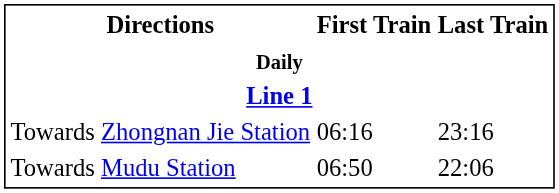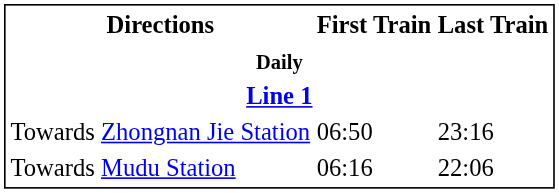 <table style="text-align:centre; font-size:95%; border:1px solid black">
 <tr>
 <th>Directions</th>
 <th>First Train</th>
 <th>Last Train</th>
 </tr>
 <tr>
 <th colspan="5" style="text-align:center"><small>Daily</small></th>
 </tr>
 <tr>
 <th colspan="8" style="background-color:#"><a href='#'>Line 1</a></th>
 </tr>
 <tr>
 <td>Towards <a href='#'>Zhongnan Jie Station</a></td>
-<td>06:16</td>
+<td>06:50</td>
 <td>23:16</td>
 </tr>
 <tr>
 <td>Towards <a href='#'>Mudu Station</a></td>
-<td>06:50</td>
+<td>06:16</td>
 <td>22:06</td>
 </tr>
 </table>
